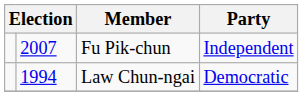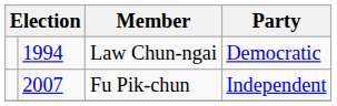 <table class="wikitable">
 <tr>
 <th colspan="2">Election</th>
 <th>Member</th>
 <th>Party</th>
 </tr>
 <tr>
 <td style="background-color:"></td>
+<td><a href='#'>1994</a></td>
+<td>Law Chun-ngai</td>
+<td><a href='#'>Democratic</a></td>
+</tr>
+<tr>
+<td style="background-color:"></td>
 <td><a href='#'>2007</a></td>
 <td>Fu Pik-chun</td>
 <td><a href='#'>Independent</a></td>
 </tr>
 <tr>
-<td style="background-color:"></td>
-<td><a href='#'>1994</a></td>
-<td>Law Chun-ngai</td>
-<td><a href='#'>Democratic</a></td>
-</tr>
-<tr>
 </tr>
 </table>
